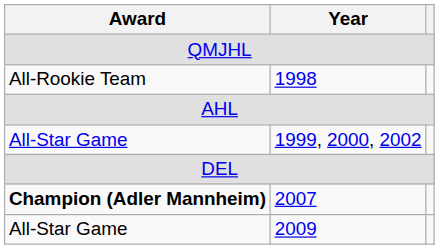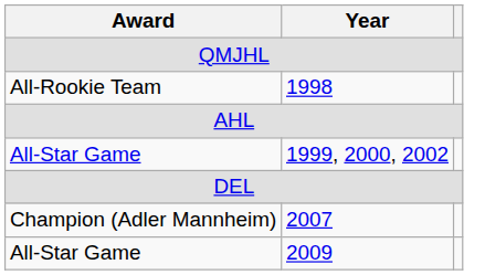 <table class="wikitable">
 <tr>
 <th>Award</th>
 <th>Year</th>
 <th></th>
 </tr>
 <tr ALIGN="center" bgcolor="#e0e0e0">
 <td colspan="3"><a href='#'>QMJHL</a></td>
 </tr>
 <tr>
 <td>All-Rookie Team</td>
 <td><a href='#'>1998</a></td>
 <td></td>
 </tr>
 <tr ALIGN="center" bgcolor="#e0e0e0">
 <td colspan="3"><a href='#'>AHL</a></td>
 </tr>
 <tr>
 <td><a href='#'>All-Star Game</a></td>
 <td><a href='#'>1999</a>, <a href='#'>2000</a>, <a href='#'>2002</a></td>
 <td></td>
 </tr>
 <tr ALIGN="center" bgcolor="#e0e0e0">
 <td colspan="3"><a href='#'>DEL</a></td>
 </tr>
 <tr>
-<td><strong>Champion (Adler Mannheim)</strong></td>
+<td>Champion (Adler Mannheim)</td>
 <td><a href='#'>2007</a></td>
 <td></td>
 </tr>
 <tr>
 <td>All-Star Game</td>
 <td><a href='#'>2009</a></td>
 <td></td>
 </tr>
 </table>
